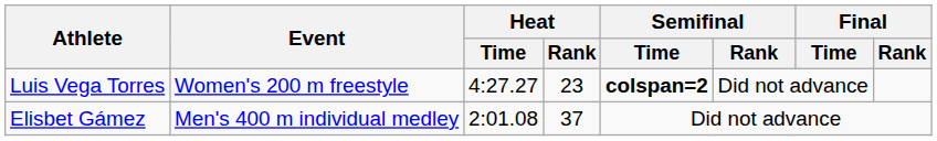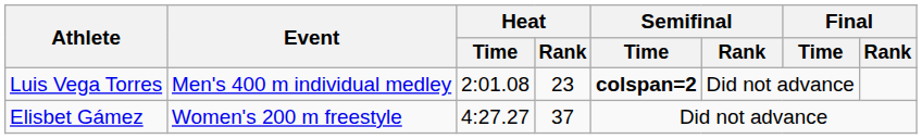 <table class=wikitable style="font-size:90%">
 <tr>
 <th rowspan="2">Athlete</th>
 <th rowspan="2">Event</th>
 <th colspan="2">Heat</th>
 <th colspan="2">Semifinal</th>
 <th colspan="2">Final</th>
 </tr>
 <tr style="font-size:95%">
 <th>Time</th>
 <th>Rank</th>
 <th>Time</th>
 <th>Rank</th>
 <th>Time</th>
 <th>Rank</th>
 </tr>
 <tr align=center>
 <td align=left><a href='#'>Luis Vega Torres</a></td>
-<td align=left><a href='#'>Women's 200 m freestyle</a></td>
-<td>4:27.27</td>
+<td align=left><a href='#'>Men's 400 m individual medley</a></td>
+<td>2:01.08</td>
 <td>23</td>
 <td><strong>colspan=2 </strong></td>
 <td colspan=2>Did not advance</td>
 </tr>
 <tr align=center>
 <td align=left><a href='#'>Elisbet Gámez</a></td>
-<td align=left><a href='#'>Men's 400 m individual medley</a></td>
-<td>2:01.08</td>
+<td align=left><a href='#'>Women's 200 m freestyle</a></td>
+<td>4:27.27</td>
 <td>37</td>
 <td colspan=4>Did not advance</td>
 </tr>
 </table>
